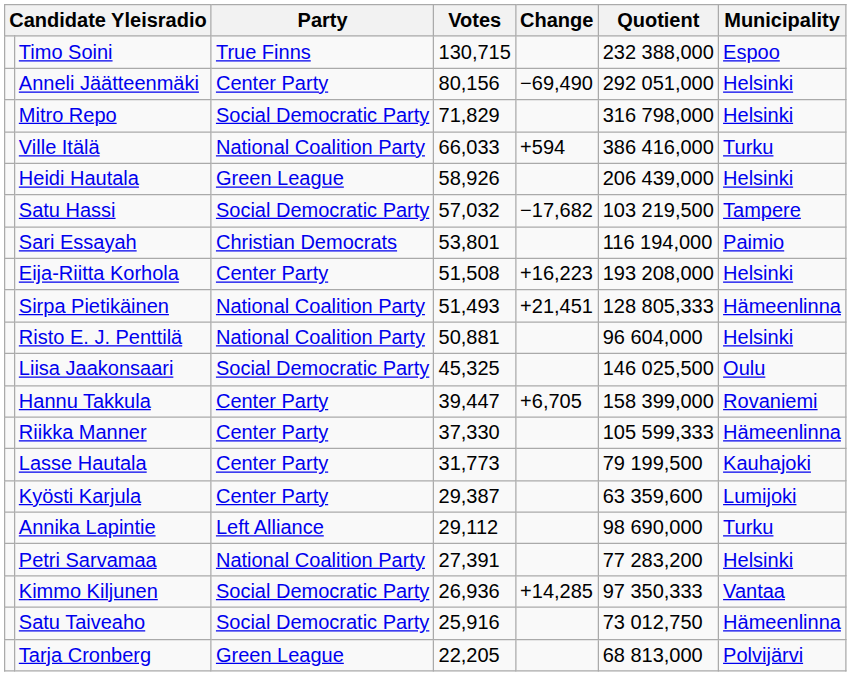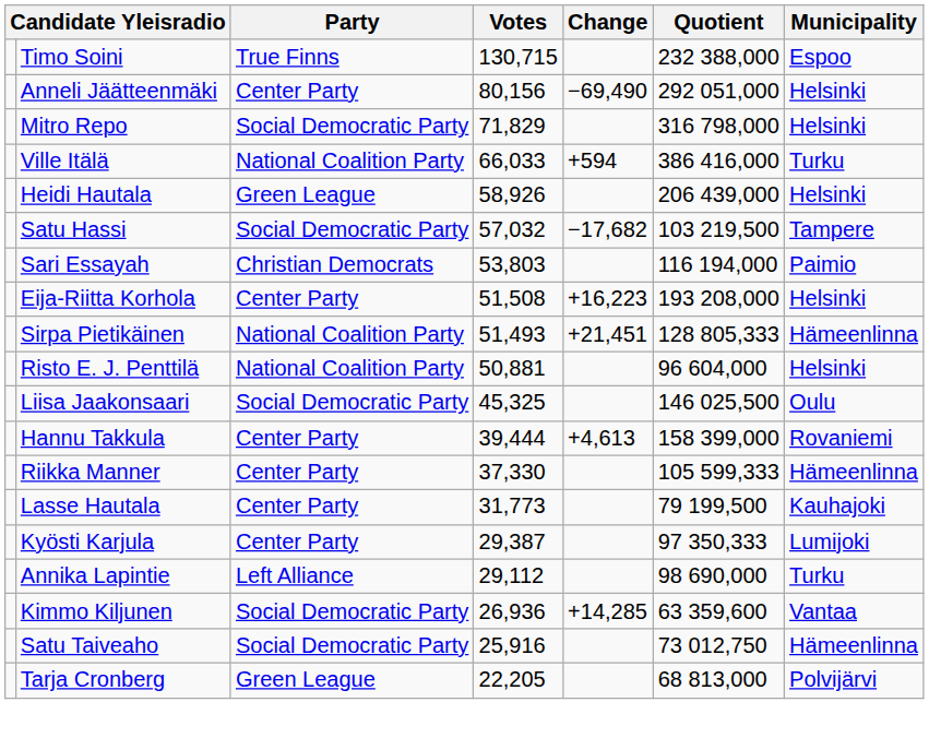 <table class="wikitable sortable">
 <tr>
 <th colspan=2>Candidate Yleisradio</th>
 <th>Party</th>
 <th>Votes</th>
 <th>Change</th>
 <th>Quotient</th>
 <th>Municipality</th>
 </tr>
 <tr>
 <td style="background-color: "></td>
 <td><a href='#'>Timo Soini</a></td>
 <td><a href='#'>True Finns</a></td>
 <td>130,715</td>
 <td></td>
 <td>232 388,000</td>
 <td><a href='#'>Espoo</a></td>
 </tr>
 <tr>
 <td style="background-color: "></td>
 <td><a href='#'>Anneli Jäätteenmäki</a></td>
 <td><a href='#'>Center Party</a></td>
 <td>80,156</td>
 <td>−69,490</td>
 <td>292 051,000</td>
 <td><a href='#'>Helsinki</a></td>
 </tr>
 <tr>
 <td style="background-color: "></td>
 <td><a href='#'>Mitro Repo</a></td>
 <td><a href='#'>Social Democratic Party</a></td>
 <td>71,829</td>
 <td></td>
 <td>316 798,000</td>
 <td><a href='#'>Helsinki</a></td>
 </tr>
 <tr>
 <td style="background-color: "></td>
 <td><a href='#'>Ville Itälä</a></td>
 <td><a href='#'>National Coalition Party</a></td>
 <td>66,033</td>
 <td>+594</td>
 <td>386 416,000</td>
 <td><a href='#'>Turku</a></td>
 </tr>
 <tr>
 <td style="background-color: "></td>
 <td><a href='#'>Heidi Hautala</a></td>
 <td><a href='#'>Green League</a></td>
 <td>58,926</td>
 <td></td>
 <td>206 439,000</td>
 <td><a href='#'>Helsinki</a></td>
 </tr>
 <tr>
 <td style="background-color: "></td>
 <td><a href='#'>Satu Hassi</a></td>
 <td><a href='#'>Social Democratic Party</a></td>
 <td>57,032</td>
 <td>−17,682</td>
 <td>103 219,500</td>
 <td><a href='#'>Tampere</a></td>
 </tr>
 <tr>
 <td style="background-color: "></td>
 <td><a href='#'>Sari Essayah</a></td>
 <td><a href='#'>Christian Democrats</a></td>
-<td>53,801</td>
+<td>53,803</td>
 <td></td>
 <td>116 194,000</td>
 <td><a href='#'>Paimio</a></td>
 </tr>
 <tr>
 <td style="background-color: "></td>
 <td><a href='#'>Eija-Riitta Korhola</a></td>
 <td><a href='#'>Center Party</a></td>
 <td>51,508</td>
 <td>+16,223</td>
 <td>193 208,000</td>
 <td><a href='#'>Helsinki</a></td>
 </tr>
 <tr>
 <td style="background-color: "></td>
 <td><a href='#'>Sirpa Pietikäinen</a></td>
 <td><a href='#'>National Coalition Party</a></td>
 <td>51,493</td>
 <td>+21,451</td>
 <td>128 805,333</td>
 <td><a href='#'>Hämeenlinna</a></td>
 </tr>
 <tr>
 <td style="background-color: "></td>
 <td><a href='#'>Risto E. J. Penttilä</a></td>
 <td><a href='#'>National Coalition Party</a></td>
 <td>50,881</td>
 <td></td>
 <td>96 604,000</td>
 <td><a href='#'>Helsinki</a></td>
 </tr>
 <tr>
 <td style="background-color: "></td>
 <td><a href='#'>Liisa Jaakonsaari</a></td>
 <td><a href='#'>Social Democratic Party</a></td>
 <td>45,325</td>
 <td></td>
 <td>146 025,500</td>
 <td><a href='#'>Oulu</a></td>
 </tr>
 <tr>
 <td style="background-color: "></td>
 <td><a href='#'>Hannu Takkula</a></td>
 <td><a href='#'>Center Party</a></td>
-<td>39,447</td>
-<td>+6,705</td>
+<td>39,444</td>
+<td>+4,613</td>
 <td>158 399,000</td>
 <td><a href='#'>Rovaniemi</a></td>
 </tr>
 <tr>
 <td style="background-color: "></td>
 <td><a href='#'>Riikka Manner</a></td>
 <td><a href='#'>Center Party</a></td>
 <td>37,330</td>
 <td></td>
 <td>105 599,333</td>
 <td><a href='#'>Hämeenlinna</a></td>
 </tr>
 <tr>
 <td style="background-color: "></td>
 <td><a href='#'>Lasse Hautala</a></td>
 <td><a href='#'>Center Party</a></td>
 <td>31,773</td>
 <td></td>
 <td>79 199,500</td>
 <td><a href='#'>Kauhajoki</a></td>
 </tr>
 <tr>
 <td style="background-color: "></td>
 <td><a href='#'>Kyösti Karjula</a></td>
 <td><a href='#'>Center Party</a></td>
 <td>29,387</td>
 <td></td>
-<td>63 359,600</td>
+<td>97 350,333</td>
 <td><a href='#'>Lumijoki</a></td>
 </tr>
 <tr>
 <td style="background-color: "></td>
 <td><a href='#'>Annika Lapintie</a></td>
 <td><a href='#'>Left Alliance</a></td>
 <td>29,112</td>
 <td></td>
 <td>98 690,000</td>
 <td><a href='#'>Turku</a></td>
 </tr>
 <tr>
 <td style="background-color: "></td>
-<td><a href='#'>Petri Sarvamaa</a></td>
-<td><a href='#'>National Coalition Party</a></td>
-<td>27,391</td>
-<td></td>
-<td>77 283,200</td>
-<td><a href='#'>Helsinki</a></td>
-</tr>
-<tr>
-<td style="background-color: "></td>
 <td><a href='#'>Kimmo Kiljunen</a></td>
 <td><a href='#'>Social Democratic Party</a></td>
 <td>26,936</td>
 <td>+14,285</td>
-<td>97 350,333</td>
+<td>63 359,600</td>
 <td><a href='#'>Vantaa</a></td>
 </tr>
 <tr>
 <td style="background-color: "></td>
 <td><a href='#'>Satu Taiveaho</a></td>
 <td><a href='#'>Social Democratic Party</a></td>
 <td>25,916</td>
 <td></td>
 <td>73 012,750</td>
 <td><a href='#'>Hämeenlinna</a></td>
 </tr>
 <tr>
 <td style="background-color: "></td>
 <td><a href='#'>Tarja Cronberg</a></td>
 <td><a href='#'>Green League</a></td>
 <td>22,205</td>
 <td></td>
 <td>68 813,000</td>
 <td><a href='#'>Polvijärvi</a></td>
 </tr>
 </table>
